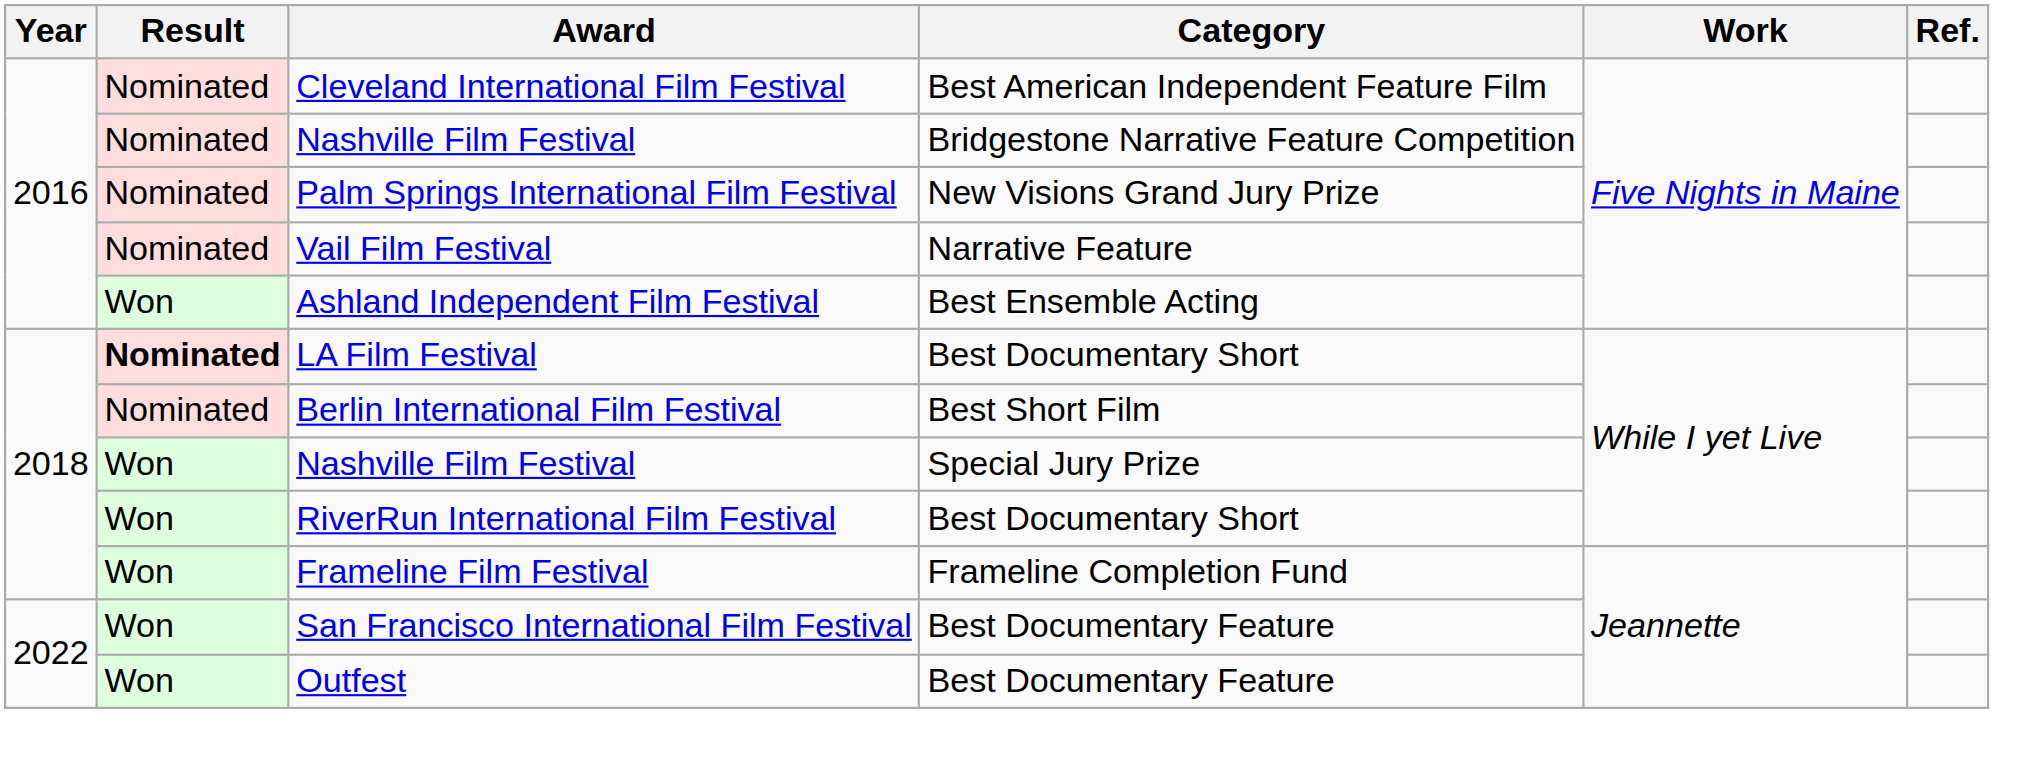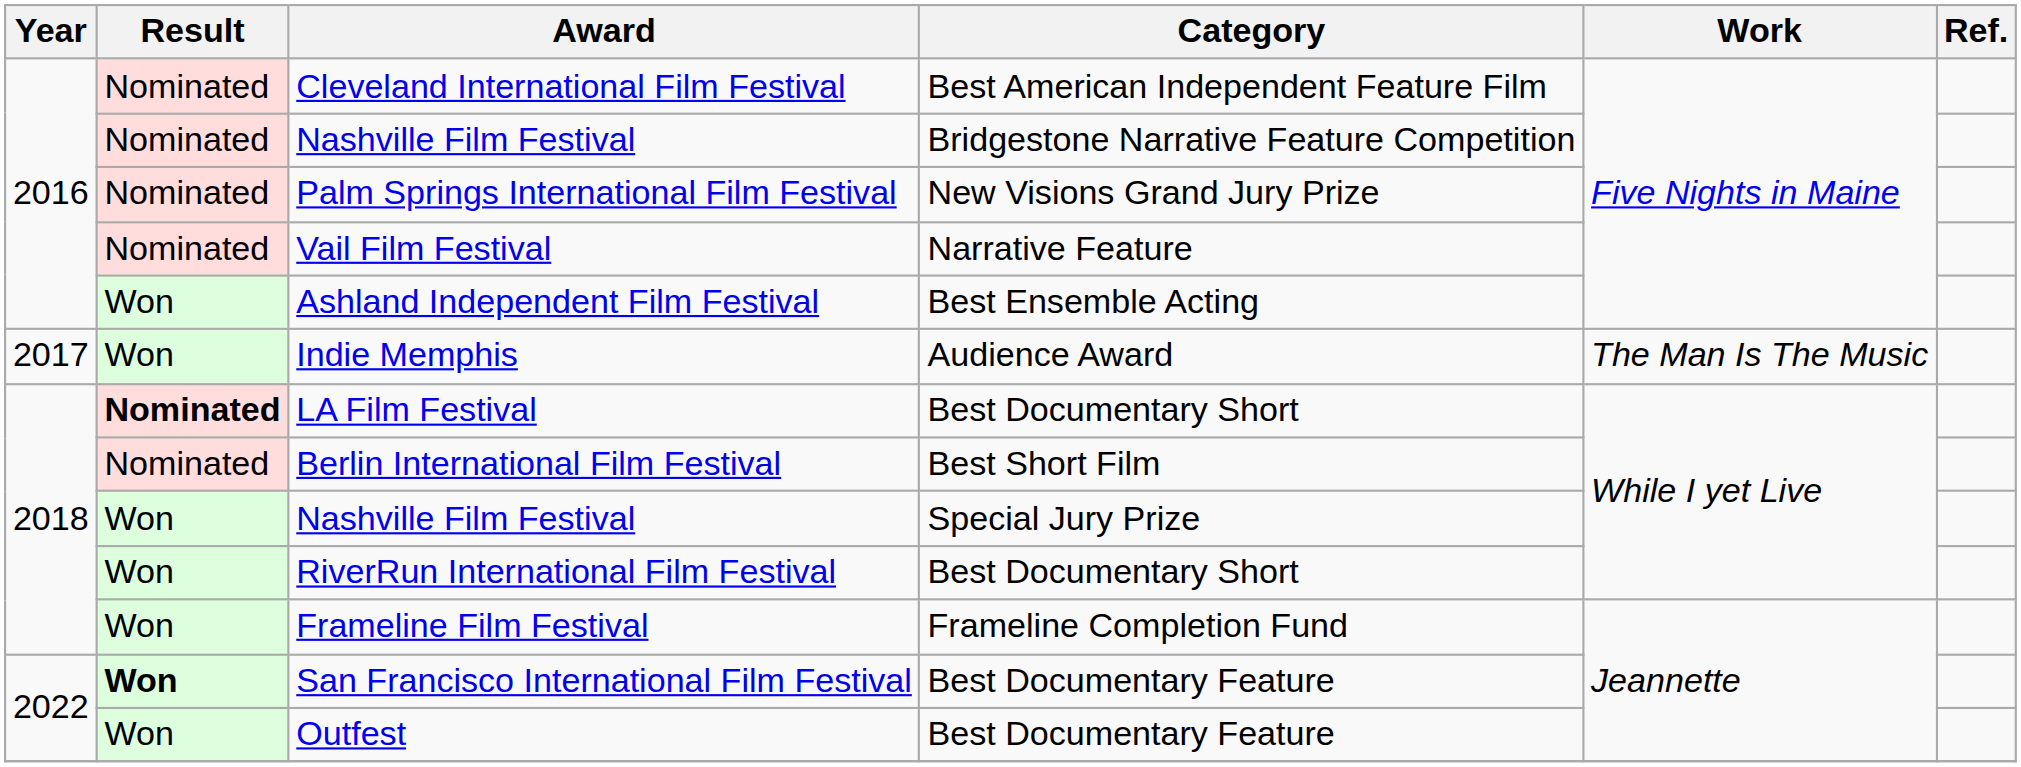 <table class="wikitable">
 <tr>
 <th>Year</th>
 <th>Result</th>
 <th>Award</th>
 <th>Category</th>
 <th>Work</th>
 <th>Ref.</th>
 </tr>
 <tr>
 <td rowspan="5">2016</td>
 <td style="background: #ffdddd">Nominated</td>
 <td><a href='#'>Cleveland International Film Festival</a></td>
 <td>Best American Independent Feature Film</td>
 <td rowspan="5"><em><a href='#'>Five Nights in Maine</a></em></td>
 <td></td>
 </tr>
 <tr>
 <td style="background: #ffdddd">Nominated</td>
 <td><a href='#'>Nashville Film Festival</a></td>
 <td>Bridgestone Narrative Feature Competition</td>
 <td></td>
 </tr>
 <tr>
 <td style="background: #ffdddd">Nominated</td>
 <td><a href='#'>Palm Springs International Film Festival</a></td>
 <td>New Visions Grand Jury Prize</td>
 <td></td>
 </tr>
 <tr>
 <td style="background: #ffdddd">Nominated</td>
 <td><a href='#'>Vail Film Festival</a></td>
 <td>Narrative Feature</td>
 <td></td>
 </tr>
 <tr>
 <td style="background: #ddffdd">Won</td>
 <td><a href='#'>Ashland Independent Film Festival</a></td>
 <td>Best Ensemble Acting</td>
 <td></td>
 </tr>
 <tr>
+<td>2017</td>
+<td style="background: #ddffdd">Won</td>
+<td><a href='#'>Indie Memphis</a></td>
+<td>Audience Award</td>
+<td><em>The Man Is The Music</em></td>
+<td></td>
+</tr>
+<tr>
 <td rowspan="5">2018</td>
 <td style="background: #ffdddd"><strong>Nominated</strong></td>
 <td><a href='#'>LA Film Festival</a></td>
 <td>Best Documentary Short</td>
 <td rowspan="4"><em>While I yet Live</em></td>
 <td></td>
 </tr>
 <tr>
 <td style="background: #ffdddd">Nominated</td>
 <td><a href='#'>Berlin International Film Festival</a></td>
 <td>Best Short Film</td>
 <td></td>
 </tr>
 <tr>
 <td style="background: #ddffdd">Won</td>
 <td><a href='#'>Nashville Film Festival</a></td>
 <td>Special Jury Prize</td>
 <td></td>
 </tr>
 <tr>
 <td style="background: #ddffdd">Won</td>
 <td><a href='#'>RiverRun International Film Festival</a></td>
 <td>Best Documentary Short</td>
 <td></td>
 </tr>
 <tr>
 <td style="background: #ddffdd">Won</td>
 <td><a href='#'>Frameline Film Festival</a></td>
 <td>Frameline Completion Fund</td>
 <td rowspan="3"><em>Jeannette</em></td>
 <td></td>
 </tr>
 <tr>
 <td rowspan="2">2022</td>
-<td style="background: #ddffdd">Won</td>
+<td style="background: #ddffdd"><strong>Won</strong></td>
 <td><a href='#'>San Francisco International Film Festival</a></td>
 <td>Best Documentary Feature</td>
 <td></td>
 </tr>
 <tr>
 <td style="background: #ddffdd">Won</td>
 <td><a href='#'>Outfest</a></td>
 <td>Best Documentary Feature</td>
 <td></td>
 </tr>
 <tr>
 </tr>
 </table>
